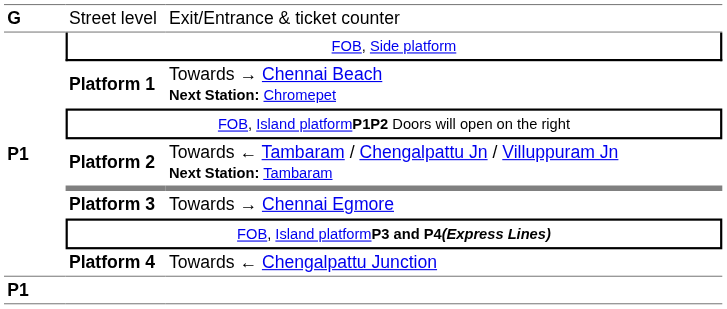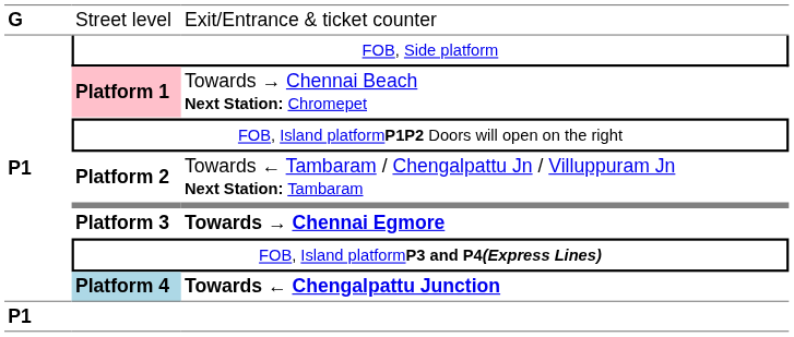 <table cellpadding="3" cellspacing="0" border="0">
 <tr>
 <td valign="top" width="30" style="border-top:solid 1px gray;border-bottom:solid 1px gray;"><strong>G</strong></td>
 <td valign="top" width="85" style="border-top:solid 1px gray;border-bottom:solid 1px gray;">Street level</td>
 <td valign="top" width="500" style="border-top:solid 1px gray;border-bottom:solid 1px gray;">Exit/Entrance & ticket counter</td>
 </tr>
 <tr>
 <td rowspan="7" style="border-bottom:solid 1px gray;" width="50" valign="center"><strong>P1</strong></td>
 <td colspan="2" style="border-right:solid 2px black;border-left:solid 2px black;border-bottom:solid 2px black;text-align:center;"><a href='#'><small>FOB</small></a><small>, <a href='#'>Side platform</a></small></td>
 </tr>
 <tr>
-<td width="85" style="border-bottom:solid 1px white;"><span><strong>Platform 1</strong></span></td>
+<td width="85" style="background: pink; border-bottom:solid 1px white;"><span><strong>Platform 1</strong></span></td>
 <td width="500" style="border-bottom:solid 1px white;">Towards → <a href='#'>Chennai Beach</a><br><small><strong>Next Station:</strong> <a href='#'>Chromepet</a></small></td>
 </tr>
 <tr>
 <td colspan="2" style="border-top:solid 2px black;border-right:solid 2px black;border-left:solid 2px black;border-bottom:solid 2px black;text-align:center;"><a href='#'><small>FOB</small></a><small>, <a href='#'>Island platform</a><strong>P1</strong><strong>P2</strong> Doors will open on the right</small></td>
 </tr>
 <tr>
 <td width="85" style="border-bottom:solid 5px gray;"><span><strong>Platform 2</strong></span></td>
 <td width="500" style="border-bottom:solid 5px gray;">Towards ← <a href='#'>Tambaram</a> / <a href='#'>Chengalpattu Jn</a> / <a href='#'>Villuppuram Jn</a><br><small><strong>Next Station:</strong> <a href='#'>Tambaram</a></small></td>
 </tr>
 <tr>
 <td width="85" style="border-bottom:solid 1px white;"><span><strong>Platform 3</strong></span></td>
-<td style="border-bottom:solid 1px white;" width="500">Towards → <a href='#'>Chennai Egmore</a></td>
+<td style="border-bottom:solid 1px white;" width="500"><strong>Towards → <a href='#'>Chennai Egmore</a></strong></td>
 </tr>
 <tr>
 <td colspan="2" style="border-top:solid 2px black;border-right:solid 2px black;border-left:solid 2px black;border-bottom:solid 2px black;text-align:center;"><a href='#'><small>FOB</small></a><small>, <a href='#'>Island platform</a><strong>P3 and P4</strong><strong><em>(Express Lines)</em></strong></small></td>
 </tr>
 <tr>
-<td width="85" style="border-bottom:solid 1px gray;"><span><strong>Platform 4</strong></span></td>
-<td style="border-bottom:solid 1px gray;" width="500">Towards ← <a href='#'>Chengalpattu Junction</a></td>
+<td width="85" style="background: lightblue; border-bottom:solid 1px gray;"><span><strong>Platform 4</strong></span></td>
+<td style="border-bottom:solid 1px gray;" width="500"><strong>Towards ← <a href='#'>Chengalpattu Junction</a></strong></td>
 </tr>
 <tr>
 <td style="border-bottom:solid 1px gray;" width="50" valign="top"><strong>P1</strong></td>
 <td style="border-bottom:solid 1px gray;" width="50" valign="top"></td>
 <td style="border-bottom:solid 1px gray;" width="50" valign="top"></td>
 </tr>
 <tr>
 </tr>
 </table>
